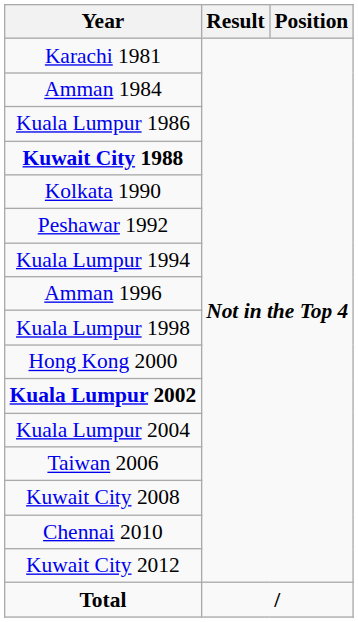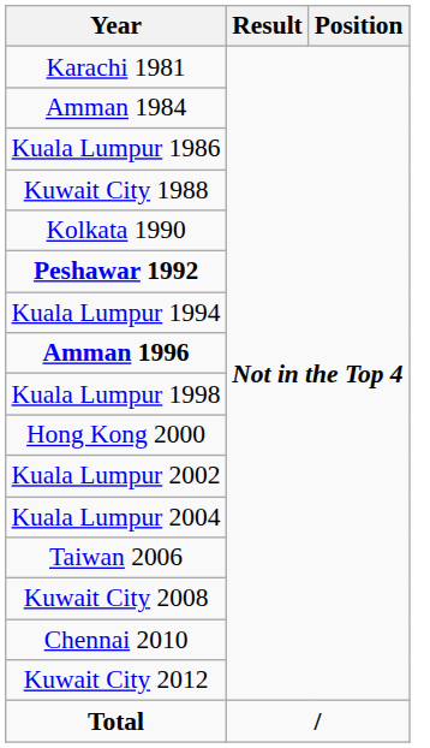 <table class="wikitable" style="text-align: center;">
 <tr>
 <th>Year</th>
 <th>Result</th>
 <th>Position</th>
 </tr>
 <tr>
 <td> <a href='#'>Karachi</a> 1981</td>
 <td rowspan="16" colspan="2" align="center"><strong><em>Not in the Top 4</em></strong></td>
 </tr>
 <tr>
 <td> <a href='#'>Amman</a> 1984</td>
 </tr>
 <tr>
 <td> <a href='#'>Kuala Lumpur</a> 1986</td>
 </tr>
 <tr>
-<td><strong> <a href='#'>Kuwait City</a> 1988</strong></td>
+<td> <a href='#'>Kuwait City</a> 1988</td>
 </tr>
 <tr>
 <td> <a href='#'>Kolkata</a> 1990</td>
 </tr>
 <tr>
-<td> <a href='#'>Peshawar</a> 1992</td>
+<td><strong> <a href='#'>Peshawar</a> 1992</strong></td>
 </tr>
 <tr>
 <td> <a href='#'>Kuala Lumpur</a> 1994</td>
 </tr>
 <tr>
-<td> <a href='#'>Amman</a> 1996</td>
+<td><strong> <a href='#'>Amman</a> 1996</strong></td>
 </tr>
 <tr>
 <td> <a href='#'>Kuala Lumpur</a> 1998</td>
 </tr>
 <tr>
 <td> <a href='#'>Hong Kong</a> 2000</td>
 </tr>
 <tr>
-<td><strong> <a href='#'>Kuala Lumpur</a> 2002</strong></td>
+<td> <a href='#'>Kuala Lumpur</a> 2002</td>
 </tr>
 <tr>
 <td> <a href='#'>Kuala Lumpur</a> 2004</td>
 </tr>
 <tr>
 <td> <a href='#'>Taiwan</a> 2006</td>
 </tr>
 <tr>
 <td> <a href='#'>Kuwait City</a> 2008</td>
 </tr>
 <tr>
 <td> <a href='#'>Chennai</a> 2010</td>
 </tr>
 <tr>
 <td> <a href='#'>Kuwait City</a> 2012</td>
 </tr>
 <tr>
 <td><strong>Total</strong></td>
 <td rowspan="1" colspan="2" align="center"><strong>/</strong></td>
 </tr>
 </table>
